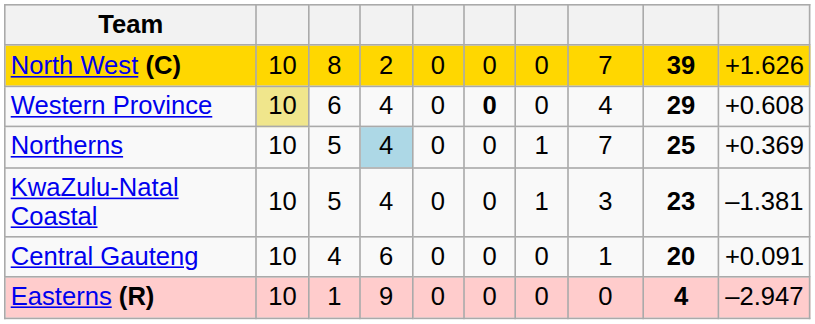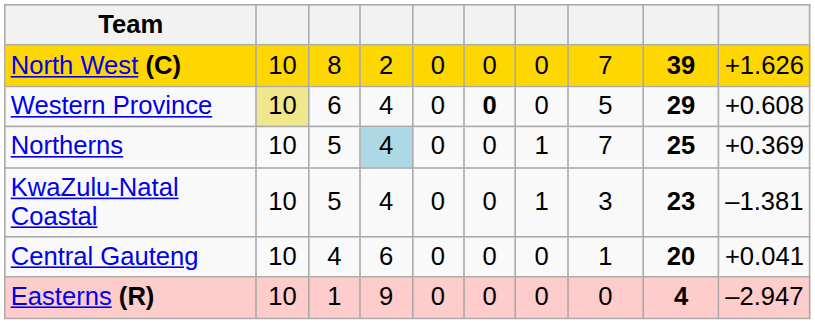 <table class="wikitable" style="text-align:center">
 <tr>
 <th width="150">Team</th>
 <th width="25"></th>
 <th width="25"></th>
 <th width="25"></th>
 <th width="25"></th>
 <th width="25"></th>
 <th width="25"></th>
 <th width="40"></th>
 <th width="40"></th>
 <th width="45"></th>
 </tr>
 <tr style="background:gold">
 <td style="text-align:left"><a href='#'>North West</a> <strong>(C)</strong></td>
 <td>10</td>
 <td>8</td>
 <td>2</td>
 <td>0</td>
 <td>0</td>
 <td>0</td>
 <td>7</td>
 <td><strong>39</strong></td>
 <td>+1.626</td>
 </tr>
 <tr>
 <td style="text-align:left"><a href='#'>Western Province</a></td>
 <td style="background: khaki;">10</td>
 <td>6</td>
 <td>4</td>
 <td>0</td>
 <td><strong>0</strong></td>
 <td>0</td>
-<td>4</td>
+<td>5</td>
 <td><strong>29</strong></td>
 <td>+0.608</td>
 </tr>
 <tr>
 <td style="text-align:left"><a href='#'>Northerns</a></td>
 <td>10</td>
 <td>5</td>
 <td style="background: lightblue;">4</td>
 <td>0</td>
 <td>0</td>
 <td>1</td>
 <td>7</td>
 <td><strong>25</strong></td>
 <td>+0.369</td>
 </tr>
 <tr>
 <td style="text-align:left"><a href='#'>KwaZulu-Natal Coastal</a></td>
 <td>10</td>
 <td>5</td>
 <td>4</td>
 <td>0</td>
 <td>0</td>
 <td>1</td>
 <td>3</td>
 <td><strong>23</strong></td>
 <td>–1.381</td>
 </tr>
 <tr>
 <td style="text-align:left"><a href='#'>Central Gauteng</a></td>
 <td>10</td>
 <td>4</td>
 <td>6</td>
 <td>0</td>
 <td>0</td>
 <td>0</td>
 <td>1</td>
 <td><strong>20</strong></td>
-<td>+0.091</td>
+<td>+0.041</td>
 </tr>
 <tr style="background:#FFCCCC">
 <td style="text-align:left"><a href='#'>Easterns</a> <strong>(R)</strong></td>
 <td>10</td>
 <td>1</td>
 <td>9</td>
 <td>0</td>
 <td>0</td>
 <td>0</td>
 <td>0</td>
 <td><strong>4</strong></td>
 <td>–2.947</td>
 </tr>
 </table>
